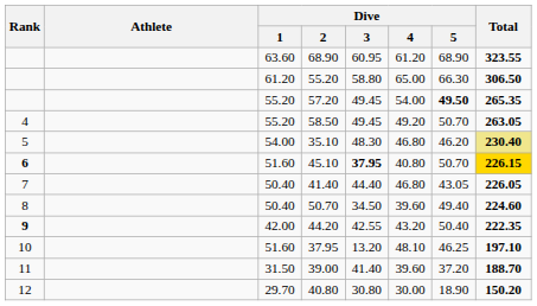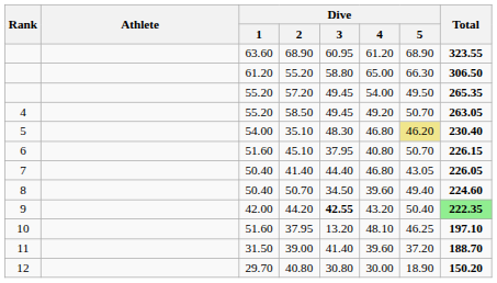 <table class=wikitable style="text-align:center">
 <tr>
 <th rowspan="2" width=40>Rank</th>
 <th rowspan="2" width=250>Athlete</th>
 <th colspan="5">Dive</th>
 <th rowspan="2" width=60>Total</th>
 </tr>
 <tr>
 <th width=45>1</th>
 <th width=45>2</th>
 <th width=45>3</th>
 <th width=45>4</th>
 <th width=45>5</th>
 </tr>
 <tr>
 <td></td>
 <td align=left></td>
 <td>63.60</td>
 <td>68.90</td>
 <td>60.95</td>
 <td>61.20</td>
 <td>68.90</td>
 <td><strong>323.55</strong></td>
 </tr>
 <tr>
 <td></td>
 <td align=left></td>
 <td>61.20</td>
 <td>55.20</td>
 <td>58.80</td>
 <td>65.00</td>
 <td>66.30</td>
 <td><strong>306.50</strong></td>
 </tr>
 <tr>
 <td></td>
 <td align=left></td>
 <td>55.20</td>
 <td>57.20</td>
 <td>49.45</td>
 <td>54.00</td>
-<td><strong>49.50</strong></td>
+<td>49.50</td>
 <td><strong>265.35</strong></td>
 </tr>
 <tr>
 <td>4</td>
 <td align=left></td>
 <td>55.20</td>
 <td>58.50</td>
 <td>49.45</td>
 <td>49.20</td>
 <td>50.70</td>
 <td><strong>263.05</strong></td>
 </tr>
 <tr>
 <td>5</td>
 <td align=left></td>
 <td>54.00</td>
 <td>35.10</td>
 <td>48.30</td>
 <td>46.80</td>
-<td>46.20</td>
-<td style="background: khaki;"><strong>230.40</strong></td>
+<td style="background: khaki;">46.20</td>
+<td><strong>230.40</strong></td>
 </tr>
 <tr>
-<td><strong>6</strong></td>
+<td>6</td>
 <td align=left></td>
 <td>51.60</td>
 <td>45.10</td>
-<td><strong>37.95</strong></td>
+<td>37.95</td>
 <td>40.80</td>
 <td>50.70</td>
-<td style="background: gold;"><strong>226.15</strong></td>
+<td><strong>226.15</strong></td>
 </tr>
 <tr>
 <td>7</td>
 <td align=left></td>
 <td>50.40</td>
 <td>41.40</td>
 <td>44.40</td>
 <td>46.80</td>
 <td>43.05</td>
 <td><strong>226.05</strong></td>
 </tr>
 <tr>
 <td>8</td>
 <td align=left></td>
 <td>50.40</td>
 <td>50.70</td>
 <td>34.50</td>
 <td>39.60</td>
 <td>49.40</td>
 <td><strong>224.60</strong></td>
 </tr>
 <tr>
-<td><strong>9</strong></td>
+<td>9</td>
 <td align=left></td>
 <td>42.00</td>
 <td>44.20</td>
-<td>42.55</td>
+<td><strong>42.55</strong></td>
 <td>43.20</td>
 <td>50.40</td>
-<td><strong>222.35</strong></td>
+<td style="background: lightgreen;"><strong>222.35</strong></td>
 </tr>
 <tr>
 <td>10</td>
 <td align=left></td>
 <td>51.60</td>
 <td>37.95</td>
 <td>13.20</td>
 <td>48.10</td>
 <td>46.25</td>
 <td><strong>197.10</strong></td>
 </tr>
 <tr>
 <td>11</td>
 <td align=left></td>
 <td>31.50</td>
 <td>39.00</td>
 <td>41.40</td>
 <td>39.60</td>
 <td>37.20</td>
 <td><strong>188.70</strong></td>
 </tr>
 <tr>
 <td>12</td>
 <td align=left></td>
 <td>29.70</td>
 <td>40.80</td>
 <td>30.80</td>
 <td>30.00</td>
 <td>18.90</td>
 <td><strong>150.20</strong></td>
 </tr>
 </table>
